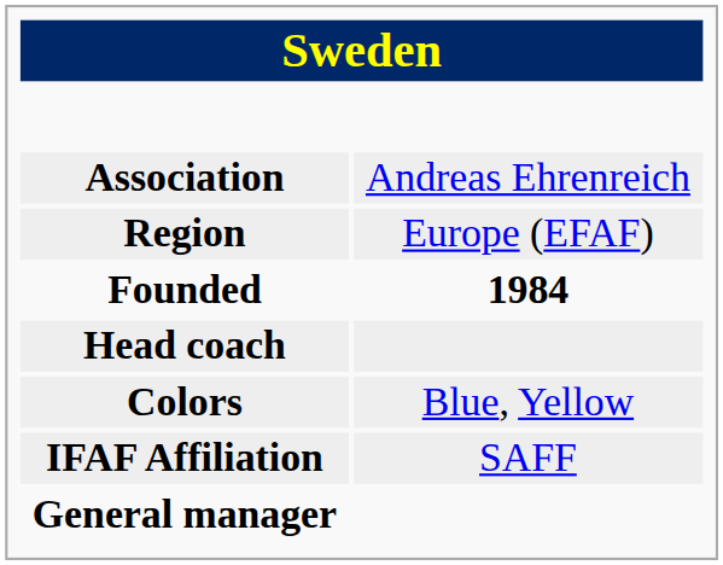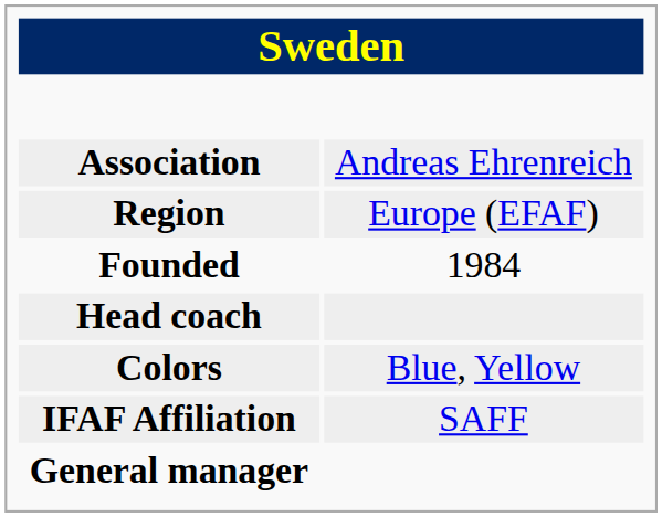 <table class="infobox" width=280>
 <tr align="center" bgcolor="#002868" style="color:yellow">
 <td colspan=2 style="text-align:center;"><big> <strong> Sweden</strong> </big></td>
 </tr>
 <tr>
 <td colspan="2"></td>
 </tr>
 <tr align="center">
 <td><br></td>
 <td></td>
 </tr>
 <tr align="center" bgcolor="#eeeeee">
 <td><strong>Association</strong></td>
 <td><a href='#'>Andreas Ehrenreich</a></td>
 </tr>
 <tr align="center" bgcolor="#eeeeee">
 <td><strong>Region</strong></td>
 <td><a href='#'>Europe</a> (<a href='#'>EFAF</a>)</td>
 </tr>
 <tr align="center">
 <td><strong>Founded</strong></td>
-<td><strong>1984</strong></td>
+<td>1984</td>
 </tr>
 <tr align="center" bgcolor="#eeeeee">
 <td><strong>Head coach</strong></td>
 <td></td>
 </tr>
 <tr align="center" bgcolor="#eeeeee">
 <td><strong>Colors</strong></td>
 <td><a href='#'>Blue</a>, <a href='#'>Yellow</a></td>
 </tr>
 <tr align="center" bgcolor="#eeeeee">
 <td><strong>IFAF Affiliation</strong></td>
 <td><a href='#'>SAFF</a></td>
 </tr>
 <tr align="center">
 <td><strong>General manager</strong></td>
 <td></td>
 </tr>
 <tr align="center" bgcolor="#eeeeee">
 </tr>
 </table>
